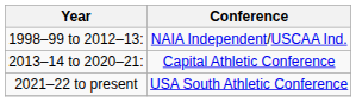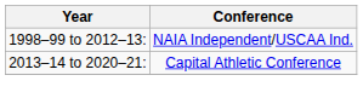 <table class="wikitable sortable" style="text-align:center">
 <tr>
 <th>Year</th>
 <th>Conference</th>
 </tr>
 <tr>
 <td>1998–99 to 2012–13:</td>
 <td><a href='#'>NAIA Independent</a>/<a href='#'>USCAA Ind.</a></td>
 </tr>
 <tr>
 <td>2013–14 to 2020–21:</td>
 <td><a href='#'>Capital Athletic Conference</a></td>
 </tr>
 <tr>
-<td>2021–22 to present</td>
-<td><a href='#'>USA South Athletic Conference</a></td>
-</tr>
-<tr>
 </tr>
 </table>
